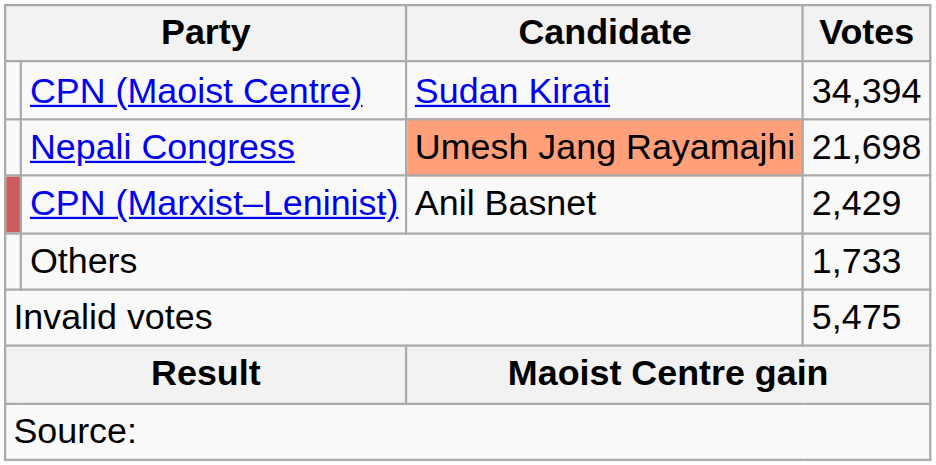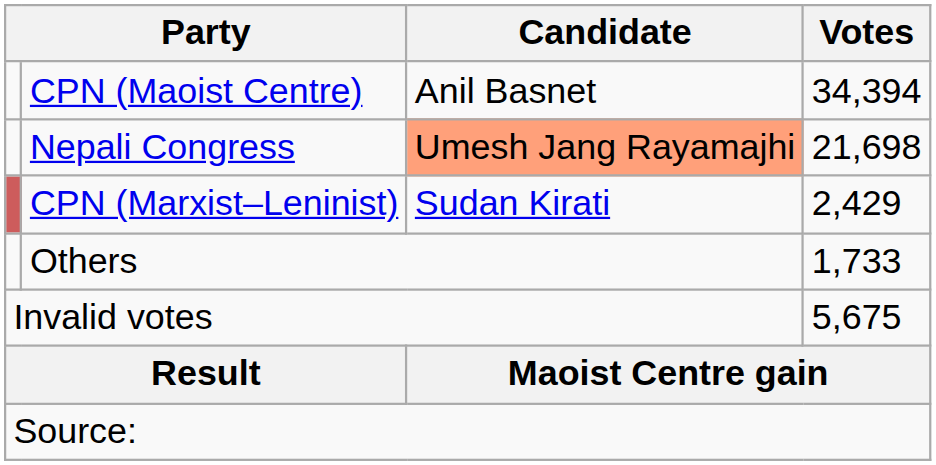 <table class="wikitable">
 <tr>
 <th colspan="2">Party</th>
 <th>Candidate</th>
 <th>Votes</th>
 </tr>
 <tr>
 <td style="background-color:"></td>
 <td><a href='#'>CPN (Maoist Centre)</a></td>
-<td><a href='#'>Sudan Kirati</a></td>
+<td>Anil Basnet</td>
 <td>34,394</td>
 </tr>
 <tr>
 <td style="background-color:"></td>
 <td><a href='#'>Nepali Congress</a></td>
 <td style="background: lightsalmon;">Umesh Jang Rayamajhi</td>
 <td>21,698</td>
 </tr>
 <tr>
 <td style="background-color:indianred"></td>
 <td><a href='#'>CPN (Marxist–Leninist)</a></td>
-<td>Anil Basnet</td>
+<td><a href='#'>Sudan Kirati</a></td>
 <td>2,429</td>
 </tr>
 <tr>
 <td></td>
 <td colspan="2">Others</td>
 <td>1,733</td>
 </tr>
 <tr>
 <td colspan="3">Invalid votes</td>
-<td>5,475</td>
+<td>5,675</td>
 </tr>
 <tr>
 <th colspan="2">Result</th>
 <th colspan="2">Maoist Centre gain</th>
 </tr>
 <tr>
 <td colspan="4">Source: </td>
 </tr>
 </table>
